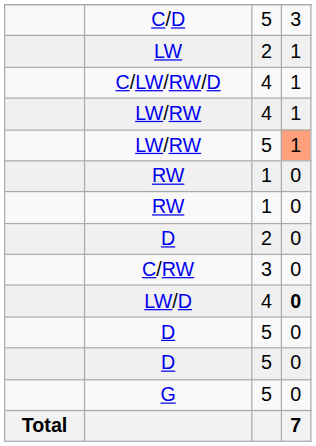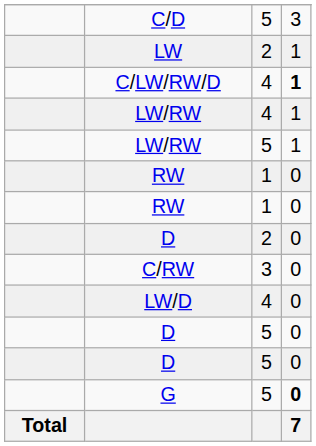 <table class="wikitable sortable" width ="40%">
 <tr align="center">
 </tr>
 <tr align="center" bgcolor="">
 <td></td>
 <td><a href='#'>C</a>/<a href='#'>D</a></td>
 <td>5</td>
 <td>3</td>
 </tr>
 <tr align="center" bgcolor="f0f0f0">
 <td></td>
 <td><a href='#'>LW</a></td>
 <td>2</td>
 <td>1</td>
 </tr>
 <tr align="center" bgcolor="">
 <td></td>
 <td><a href='#'>C</a>/<a href='#'>LW</a>/<a href='#'>RW</a>/<a href='#'>D</a></td>
 <td>4</td>
-<td>1</td>
+<td><strong>1</strong></td>
 </tr>
 <tr align="center" bgcolor="f0f0f0">
 <td></td>
 <td><a href='#'>LW</a>/<a href='#'>RW</a></td>
 <td>4</td>
 <td>1</td>
 </tr>
 <tr align="center">
 <td></td>
 <td><a href='#'>LW</a>/<a href='#'>RW</a></td>
 <td>5</td>
-<td style="background: lightsalmon;">1</td>
+<td>1</td>
 </tr>
 <tr align="center" bgcolor="f0f0f0">
 <td></td>
 <td><a href='#'>RW</a></td>
 <td>1</td>
 <td>0</td>
 </tr>
 <tr align="center">
 <td></td>
 <td><a href='#'>RW</a></td>
 <td>1</td>
 <td>0</td>
 </tr>
 <tr align="center" bgcolor="f0f0f0">
 <td></td>
 <td><a href='#'>D</a></td>
 <td>2</td>
 <td>0</td>
 </tr>
 <tr align="center" bgcolor="">
 <td></td>
 <td><a href='#'>C</a>/<a href='#'>RW</a></td>
 <td>3</td>
 <td>0</td>
 </tr>
 <tr align="center" bgcolor="f0f0f0">
 <td></td>
 <td><a href='#'>LW</a>/<a href='#'>D</a></td>
 <td>4</td>
-<td><strong>0</strong></td>
+<td>0</td>
 </tr>
 <tr align="center">
 <td></td>
 <td><a href='#'>D</a></td>
 <td>5</td>
 <td>0</td>
 </tr>
 <tr align="center" bgcolor="f0f0f0">
 <td></td>
 <td><a href='#'>D</a></td>
 <td>5</td>
 <td>0</td>
 </tr>
 <tr align="center" bgcolor="">
 <td></td>
 <td><a href='#'>G</a></td>
 <td>5</td>
-<td>0</td>
+<td><strong>0</strong></td>
 </tr>
 <tr>
 <th>Total</th>
 <th></th>
 <th></th>
 <th>7</th>
 </tr>
 </table>
